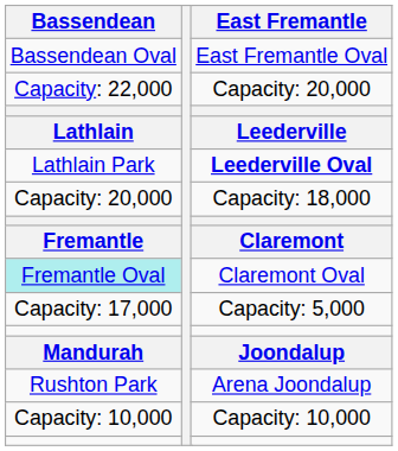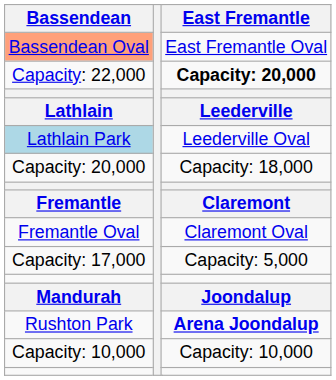 <table class="wikitable" style="text-align:center">
 <tr>
 <th><a href='#'>Bassendean</a></th>
 <th colspan="2" rowspan="20"></th>
 <th><a href='#'>East Fremantle</a></th>
 </tr>
 <tr>
-<td><a href='#'>Bassendean Oval</a></td>
+<td style="background: lightsalmon;"><a href='#'>Bassendean Oval</a></td>
 <td><a href='#'>East Fremantle Oval</a></td>
 </tr>
 <tr>
 <td><a href='#'>Capacity</a>: 22,000</td>
-<td>Capacity: 20,000</td>
+<td><strong>Capacity: 20,000</strong></td>
 </tr>
 <tr>
 <th></th>
 <th></th>
 </tr>
 <tr>
 <th><a href='#'>Lathlain</a></th>
 <th><a href='#'>Leederville</a></th>
 </tr>
 <tr>
-<td><a href='#'>Lathlain Park</a></td>
-<td><strong><a href='#'>Leederville Oval</a></strong></td>
+<td style="background: lightblue;"><a href='#'>Lathlain Park</a></td>
+<td><a href='#'>Leederville Oval</a></td>
 </tr>
 <tr>
 <td>Capacity: 20,000</td>
 <td>Capacity: 18,000</td>
 </tr>
 <tr>
 <th></th>
 <th></th>
 </tr>
 <tr>
 <th><a href='#'>Fremantle</a></th>
 <th><a href='#'>Claremont</a></th>
 </tr>
 <tr>
-<td style="background: paleturquoise;"><a href='#'>Fremantle Oval</a></td>
+<td><a href='#'>Fremantle Oval</a></td>
 <td><a href='#'>Claremont Oval</a></td>
 </tr>
 <tr>
 <td>Capacity: 17,000</td>
 <td>Capacity: 5,000</td>
 </tr>
 <tr>
 <td></td>
 <td></td>
 </tr>
 <tr>
 <th><a href='#'>Mandurah</a></th>
 <th><a href='#'>Joondalup</a></th>
 </tr>
 <tr>
 <td><a href='#'>Rushton Park</a></td>
-<td><a href='#'>Arena Joondalup</a></td>
+<td><strong><a href='#'>Arena Joondalup</a></strong></td>
 </tr>
 <tr>
 <td>Capacity: 10,000</td>
 <td>Capacity: 10,000</td>
 </tr>
 <tr>
 <td></td>
 <td></td>
 </tr>
 </table>
